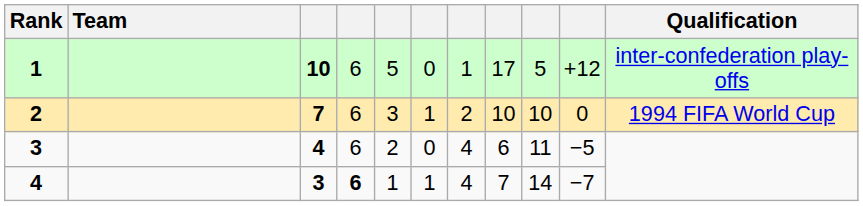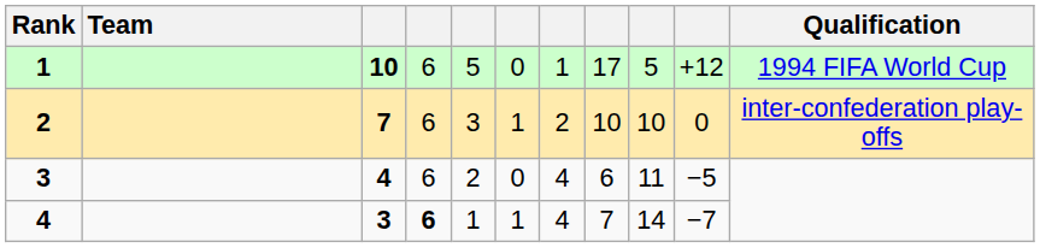 <table class="wikitable" style="text-align:center">
 <tr>
 <th width=30>Rank</th>
 <th width=165 style="text-align:left">Team</th>
 <th width=20></th>
 <th width=20></th>
 <th width=20></th>
 <th width=20></th>
 <th width=20></th>
 <th width=20></th>
 <th width=20></th>
 <th width=20></th>
 <th width=180>Qualification</th>
 </tr>
 <tr bgcolor="#ccffcc">
 <td><strong>1</strong></td>
 <td style="text-align:left"></td>
 <td><strong>10</strong></td>
 <td>6</td>
 <td>5</td>
 <td>0</td>
 <td>1</td>
 <td>17</td>
 <td>5</td>
 <td>+12</td>
-<td><a href='#'>inter-confederation play-offs</a></td>
+<td><a href='#'>1994 FIFA World Cup</a></td>
 </tr>
 <tr bgcolor="#ffebad">
 <td><strong>2</strong></td>
 <td style="text-align:left"></td>
 <td><strong>7</strong></td>
 <td>6</td>
 <td>3</td>
 <td>1</td>
 <td>2</td>
 <td>10</td>
 <td>10</td>
 <td>0</td>
-<td><a href='#'>1994 FIFA World Cup</a></td>
+<td><a href='#'>inter-confederation play-offs</a></td>
 </tr>
 <tr>
 <td><strong>3</strong></td>
 <td style="text-align:left"></td>
 <td><strong>4</strong></td>
 <td>6</td>
 <td>2</td>
 <td>0</td>
 <td>4</td>
 <td>6</td>
 <td>11</td>
 <td>−5</td>
 </tr>
 <tr>
 <td><strong>4</strong></td>
 <td style="text-align:left"></td>
 <td><strong>3</strong></td>
 <td><strong>6</strong></td>
 <td>1</td>
 <td>1</td>
 <td>4</td>
 <td>7</td>
 <td>14</td>
 <td>−7</td>
 </tr>
 </table>
